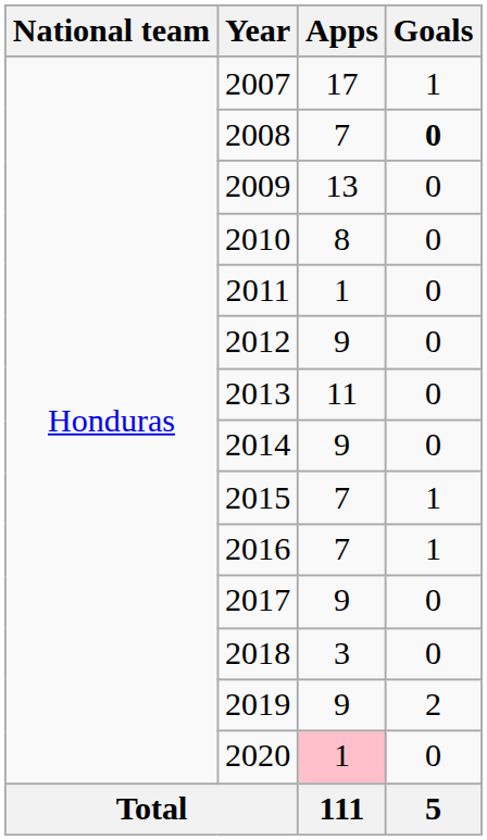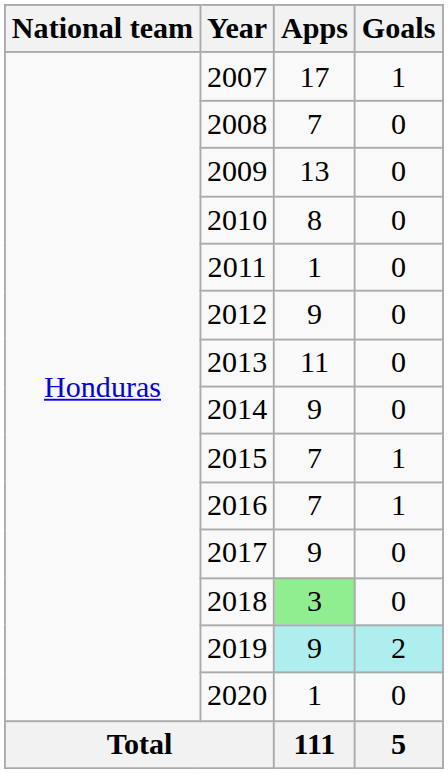 <table class="wikitable" style="text-align:center">
 <tr>
 <th>National team</th>
 <th>Year</th>
 <th>Apps</th>
 <th>Goals</th>
 </tr>
 <tr>
 <td rowspan="14"><a href='#'>Honduras</a></td>
 <td>2007</td>
 <td>17</td>
 <td>1</td>
 </tr>
 <tr>
 <td>2008</td>
 <td>7</td>
-<td><strong>0</strong></td>
+<td>0</td>
 </tr>
 <tr>
 <td>2009</td>
 <td>13</td>
 <td>0</td>
 </tr>
 <tr>
 <td>2010</td>
 <td>8</td>
 <td>0</td>
 </tr>
 <tr>
 <td>2011</td>
 <td>1</td>
 <td>0</td>
 </tr>
 <tr>
 <td>2012</td>
 <td>9</td>
 <td>0</td>
 </tr>
 <tr>
 <td>2013</td>
 <td>11</td>
 <td>0</td>
 </tr>
 <tr>
 <td>2014</td>
 <td>9</td>
 <td>0</td>
 </tr>
 <tr>
 <td>2015</td>
 <td>7</td>
 <td>1</td>
 </tr>
 <tr>
 <td>2016</td>
 <td>7</td>
 <td>1</td>
 </tr>
 <tr>
 <td>2017</td>
 <td>9</td>
 <td>0</td>
 </tr>
 <tr>
 <td>2018</td>
-<td>3</td>
+<td style="background: lightgreen;">3</td>
 <td>0</td>
 </tr>
 <tr>
 <td>2019</td>
-<td>9</td>
-<td>2</td>
+<td style="background: paleturquoise;">9</td>
+<td style="background: paleturquoise;">2</td>
 </tr>
 <tr>
 <td>2020</td>
-<td style="background: pink;">1</td>
+<td>1</td>
 <td>0</td>
 </tr>
 <tr>
 <th colspan="2">Total</th>
 <th>111</th>
 <th>5</th>
 </tr>
 </table>
